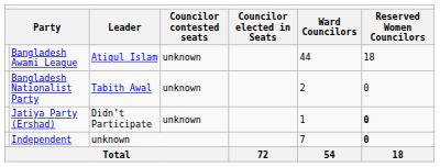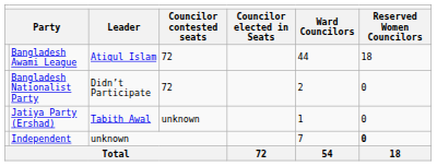 <table class="wikitable">
 <tr>
 <td colspan="7"></td>
 </tr>
 <tr>
 <th colspan="2">Party</th>
 <th>Leader</th>
 <th>Councilor contested seats</th>
 <th>Councilor elected in Seats</th>
 <th>Ward Councilors</th>
 <th>Reserved Women Councilors</th>
 </tr>
 <tr>
 <td></td>
 <td><a href='#'>Bangladesh Awami League</a></td>
 <td><a href='#'>Atiqul Islam</a></td>
-<td>unknown</td>
+<td>72</td>
 <td></td>
 <td>44</td>
 <td>18</td>
 </tr>
 <tr>
 <td></td>
 <td><a href='#'>Bangladesh Nationalist Party</a></td>
-<td><a href='#'>Tabith Awal</a></td>
-<td>unknown</td>
+<td>Didn’t Participate</td>
+<td>72</td>
 <td></td>
 <td>2</td>
 <td>0</td>
 </tr>
 <tr>
 <td></td>
 <td><a href='#'>Jatiya Party (Ershad)</a></td>
-<td>Didn’t Participate</td>
+<td><a href='#'>Tabith Awal</a></td>
 <td>unknown</td>
 <td></td>
 <td>1</td>
-<td><strong>0</strong></td>
+<td>0</td>
 </tr>
 <tr>
 <td></td>
 <td><a href='#'>Independent</a></td>
 <td colspan="2">unknown</td>
 <td></td>
 <td>7</td>
 <td><strong>0</strong></td>
 </tr>
 <tr>
 <th colspan="4">Total</th>
 <th>72</th>
 <th>54</th>
 <th>18</th>
 </tr>
 </table>
